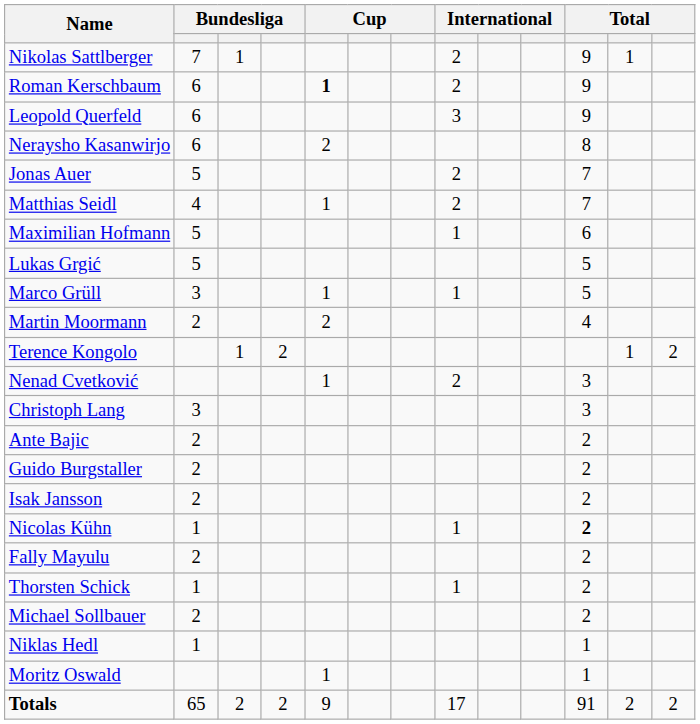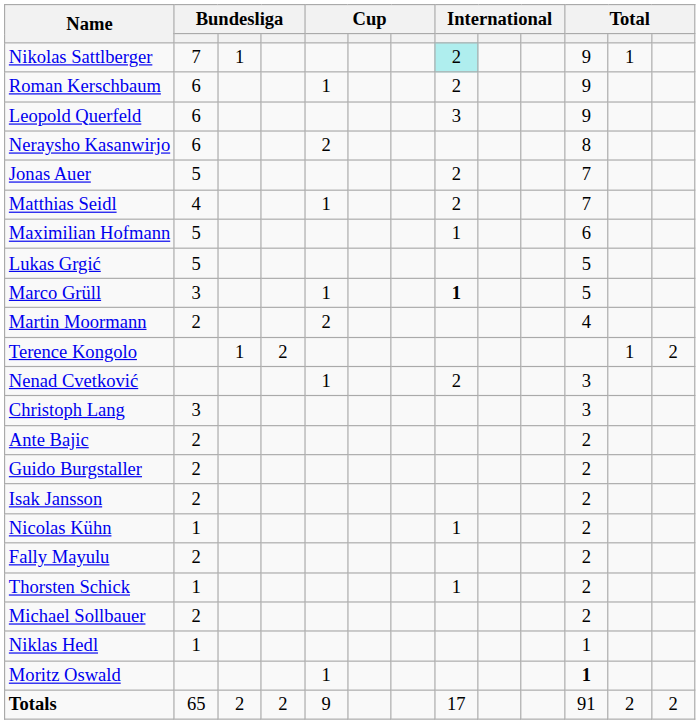 <table class="wikitable" style="text-align: center;">
 <tr>
 <th rowspan="2">Name</th>
 <th colspan="3">Bundesliga</th>
 <th colspan="3">Cup</th>
 <th colspan="3">International</th>
 <th colspan="3"><strong>Total</strong></th>
 </tr>
 <tr>
 <th width=30></th>
 <th width=30></th>
 <th width=30></th>
 <th width=30></th>
 <th width=30></th>
 <th width=30></th>
 <th width=30></th>
 <th width=30></th>
 <th width=30></th>
 <th width=30></th>
 <th width=30></th>
 <th width=30></th>
 </tr>
 <tr>
 <td align="left"> <a href='#'>Nikolas Sattlberger</a></td>
 <td>7</td>
 <td>1</td>
 <td></td>
 <td></td>
 <td></td>
 <td></td>
-<td>2</td>
+<td style="background: paleturquoise;">2</td>
 <td></td>
 <td></td>
 <td>9</td>
 <td>1</td>
 <td></td>
 </tr>
 <tr>
 <td align="left"> <a href='#'>Roman Kerschbaum</a></td>
 <td>6</td>
 <td></td>
 <td></td>
-<td><strong>1</strong></td>
+<td>1</td>
 <td></td>
 <td></td>
 <td>2</td>
 <td></td>
 <td></td>
 <td>9</td>
 <td></td>
 <td></td>
 </tr>
 <tr>
 <td align="left"> <a href='#'>Leopold Querfeld</a></td>
 <td>6</td>
 <td></td>
 <td></td>
 <td></td>
 <td></td>
 <td></td>
 <td>3</td>
 <td></td>
 <td></td>
 <td>9</td>
 <td></td>
 <td></td>
 </tr>
 <tr>
 <td align="left"> <a href='#'>Neraysho Kasanwirjo</a></td>
 <td>6</td>
 <td></td>
 <td></td>
 <td>2</td>
 <td></td>
 <td></td>
 <td></td>
 <td></td>
 <td></td>
 <td>8</td>
 <td></td>
 <td></td>
 </tr>
 <tr>
 <td align="left"> <a href='#'>Jonas Auer</a></td>
 <td>5</td>
 <td></td>
 <td></td>
 <td></td>
 <td></td>
 <td></td>
 <td>2</td>
 <td></td>
 <td></td>
 <td>7</td>
 <td></td>
 <td></td>
 </tr>
 <tr>
 <td align="left"> <a href='#'>Matthias Seidl</a></td>
 <td>4</td>
 <td></td>
 <td></td>
 <td>1</td>
 <td></td>
 <td></td>
 <td>2</td>
 <td></td>
 <td></td>
 <td>7</td>
 <td></td>
 <td></td>
 </tr>
 <tr>
 <td align="left"> <a href='#'>Maximilian Hofmann</a></td>
 <td>5</td>
 <td></td>
 <td></td>
 <td></td>
 <td></td>
 <td></td>
 <td>1</td>
 <td></td>
 <td></td>
 <td>6</td>
 <td></td>
 <td></td>
 </tr>
 <tr>
 <td align="left"> <a href='#'>Lukas Grgić</a></td>
 <td>5</td>
 <td></td>
 <td></td>
 <td></td>
 <td></td>
 <td></td>
 <td></td>
 <td></td>
 <td></td>
 <td>5</td>
 <td></td>
 <td></td>
 </tr>
 <tr>
 <td align="left"> <a href='#'>Marco Grüll</a></td>
 <td>3</td>
 <td></td>
 <td></td>
 <td>1</td>
 <td></td>
 <td></td>
-<td>1</td>
+<td><strong>1</strong></td>
 <td></td>
 <td></td>
 <td>5</td>
 <td></td>
 <td></td>
 </tr>
 <tr>
 <td align="left"> <a href='#'>Martin Moormann</a></td>
 <td>2</td>
 <td></td>
 <td></td>
 <td>2</td>
 <td></td>
 <td></td>
 <td></td>
 <td></td>
 <td></td>
 <td>4</td>
 <td></td>
 <td></td>
 </tr>
 <tr>
 <td align="left"> <a href='#'>Terence Kongolo</a></td>
 <td></td>
 <td>1</td>
 <td>2</td>
 <td></td>
 <td></td>
 <td></td>
 <td></td>
 <td></td>
 <td></td>
 <td></td>
 <td>1</td>
 <td>2</td>
 </tr>
 <tr>
 <td align="left"> <a href='#'>Nenad Cvetković</a></td>
 <td></td>
 <td></td>
 <td></td>
 <td>1</td>
 <td></td>
 <td></td>
 <td>2</td>
 <td></td>
 <td></td>
 <td>3</td>
 <td></td>
 <td></td>
 </tr>
 <tr>
 <td align="left"> <a href='#'>Christoph Lang</a></td>
 <td>3</td>
 <td></td>
 <td></td>
 <td></td>
 <td></td>
 <td></td>
 <td></td>
 <td></td>
 <td></td>
 <td>3</td>
 <td></td>
 <td></td>
 </tr>
 <tr>
 <td align="left"> <a href='#'>Ante Bajic</a></td>
 <td>2</td>
 <td></td>
 <td></td>
 <td></td>
 <td></td>
 <td></td>
 <td></td>
 <td></td>
 <td></td>
 <td>2</td>
 <td></td>
 <td></td>
 </tr>
 <tr>
 <td align="left"> <a href='#'>Guido Burgstaller</a></td>
 <td>2</td>
 <td></td>
 <td></td>
 <td></td>
 <td></td>
 <td></td>
 <td></td>
 <td></td>
 <td></td>
 <td>2</td>
 <td></td>
 <td></td>
 </tr>
 <tr>
 <td align="left"> <a href='#'>Isak Jansson</a></td>
 <td>2</td>
 <td></td>
 <td></td>
 <td></td>
 <td></td>
 <td></td>
 <td></td>
 <td></td>
 <td></td>
 <td>2</td>
 <td></td>
 <td></td>
 </tr>
 <tr>
 <td align="left"> <a href='#'>Nicolas Kühn</a></td>
 <td>1</td>
 <td></td>
 <td></td>
 <td></td>
 <td></td>
 <td></td>
 <td>1</td>
 <td></td>
 <td></td>
-<td><strong>2</strong></td>
+<td>2</td>
 <td></td>
 <td></td>
 </tr>
 <tr>
 <td align="left"> <a href='#'>Fally Mayulu</a></td>
 <td>2</td>
 <td></td>
 <td></td>
 <td></td>
 <td></td>
 <td></td>
 <td></td>
 <td></td>
 <td></td>
 <td>2</td>
 <td></td>
 <td></td>
 </tr>
 <tr>
 <td align="left"> <a href='#'>Thorsten Schick</a></td>
 <td>1</td>
 <td></td>
 <td></td>
 <td></td>
 <td></td>
 <td></td>
 <td>1</td>
 <td></td>
 <td></td>
 <td>2</td>
 <td></td>
 <td></td>
 </tr>
 <tr>
 <td align="left"> <a href='#'>Michael Sollbauer</a></td>
 <td>2</td>
 <td></td>
 <td></td>
 <td></td>
 <td></td>
 <td></td>
 <td></td>
 <td></td>
 <td></td>
 <td>2</td>
 <td></td>
 <td></td>
 </tr>
 <tr>
 <td align="left"> <a href='#'>Niklas Hedl</a></td>
 <td>1</td>
 <td></td>
 <td></td>
 <td></td>
 <td></td>
 <td></td>
 <td></td>
 <td></td>
 <td></td>
 <td>1</td>
 <td></td>
 <td></td>
 </tr>
 <tr>
 <td align="left"> <a href='#'>Moritz Oswald</a></td>
 <td></td>
 <td></td>
 <td></td>
 <td>1</td>
 <td></td>
 <td></td>
 <td></td>
 <td></td>
 <td></td>
-<td>1</td>
+<td><strong>1</strong></td>
 <td></td>
 <td></td>
 </tr>
 <tr class="sortbottom">
 <td align="left"><strong>Totals</strong></td>
 <td>65</td>
 <td>2</td>
 <td>2</td>
 <td>9</td>
 <td></td>
 <td></td>
 <td>17</td>
 <td></td>
 <td></td>
 <td>91</td>
 <td>2</td>
 <td>2</td>
 </tr>
 </table>
